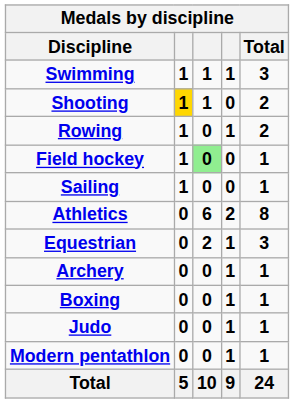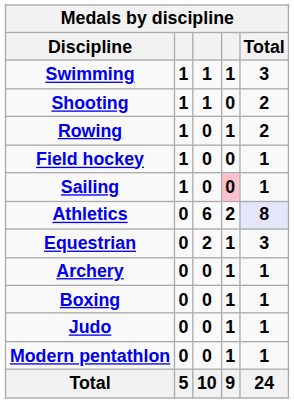 <table class="wikitable" style="font-size:85%" align="right">
 <tr bgcolor="#efefef">
 <th colspan=6>Medals by discipline</th>
 </tr>
 <tr style="text-align:center;">
 <th>Discipline</th>
 <th></th>
 <th></th>
 <th></th>
 <th>Total</th>
 </tr>
 <tr style="text-align:center; font-weight:bold;">
 <td><a href='#'>Swimming</a></td>
 <td>1</td>
 <td>1</td>
 <td>1</td>
 <td>3</td>
 </tr>
 <tr style="text-align:center; font-weight:bold;">
 <td><a href='#'>Shooting</a></td>
-<td style="background: gold;">1</td>
+<td>1</td>
 <td>1</td>
 <td>0</td>
 <td>2</td>
 </tr>
 <tr style="text-align:center; font-weight:bold;">
 <td><a href='#'>Rowing</a></td>
 <td>1</td>
 <td>0</td>
 <td>1</td>
 <td>2</td>
 </tr>
 <tr style="text-align:center; font-weight:bold;">
 <td><a href='#'>Field hockey</a></td>
 <td>1</td>
-<td style="background: lightgreen;">0</td>
+<td>0</td>
 <td>0</td>
 <td>1</td>
 </tr>
 <tr style="text-align:center; font-weight:bold;">
 <td><a href='#'>Sailing</a></td>
 <td>1</td>
 <td>0</td>
-<td>0</td>
+<td style="background: pink;">0</td>
 <td>1</td>
 </tr>
 <tr style="text-align:center; font-weight:bold;">
 <td><a href='#'>Athletics</a></td>
 <td>0</td>
 <td>6</td>
 <td>2</td>
-<td>8</td>
+<td style="background: lavender;">8</td>
 </tr>
 <tr style="text-align:center; font-weight:bold;">
 <td><a href='#'>Equestrian</a></td>
 <td>0</td>
 <td>2</td>
 <td>1</td>
 <td>3</td>
 </tr>
 <tr style="text-align:center; font-weight:bold;">
 <td><a href='#'>Archery</a></td>
 <td>0</td>
 <td>0</td>
 <td>1</td>
 <td>1</td>
 </tr>
 <tr style="text-align:center; font-weight:bold;">
 <td><a href='#'>Boxing</a></td>
 <td>0</td>
 <td>0</td>
 <td>1</td>
 <td>1</td>
 </tr>
 <tr style="text-align:center; font-weight:bold;">
 <td><a href='#'>Judo</a></td>
 <td>0</td>
 <td>0</td>
 <td>1</td>
 <td>1</td>
 </tr>
 <tr style="text-align:center; font-weight:bold;">
 <td><a href='#'>Modern pentathlon</a></td>
 <td>0</td>
 <td>0</td>
 <td>1</td>
 <td>1</td>
 </tr>
 <tr style="text-align:center;">
 <th>Total</th>
 <th>5</th>
 <th>10</th>
 <th>9</th>
 <th>24</th>
 </tr>
 </table>
